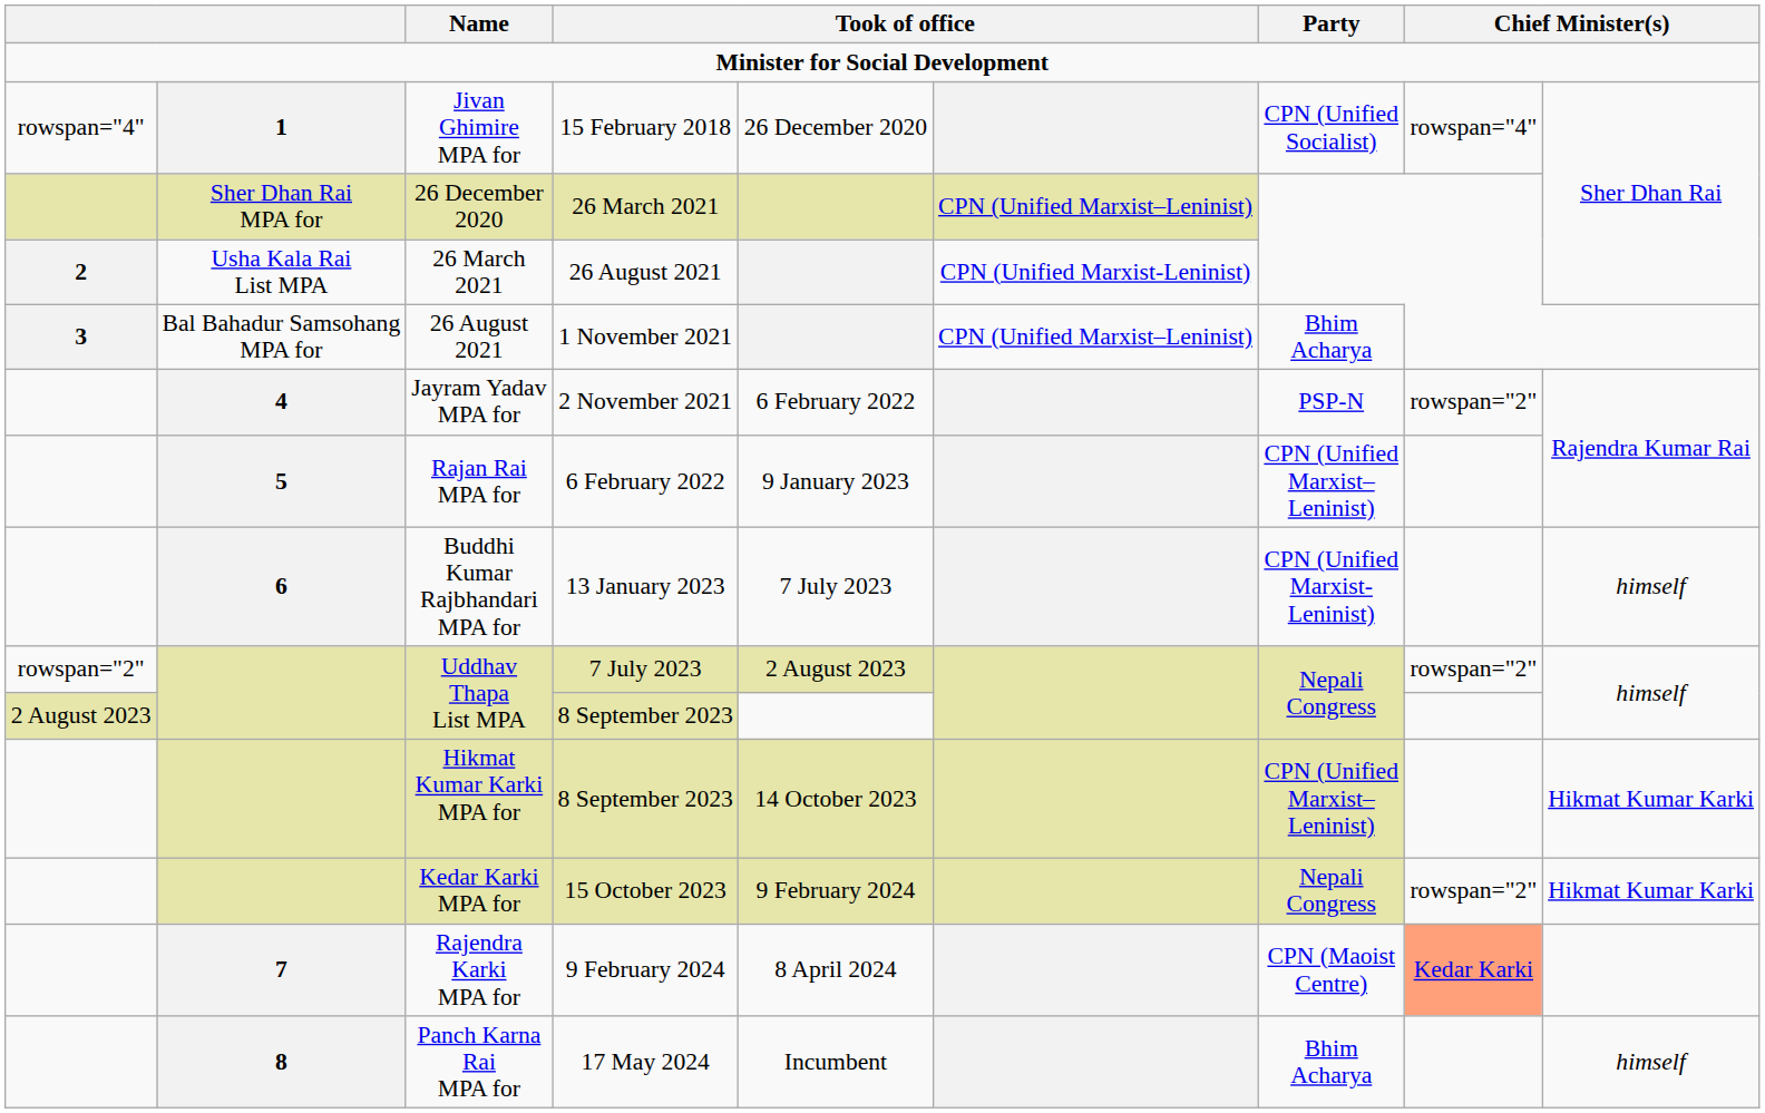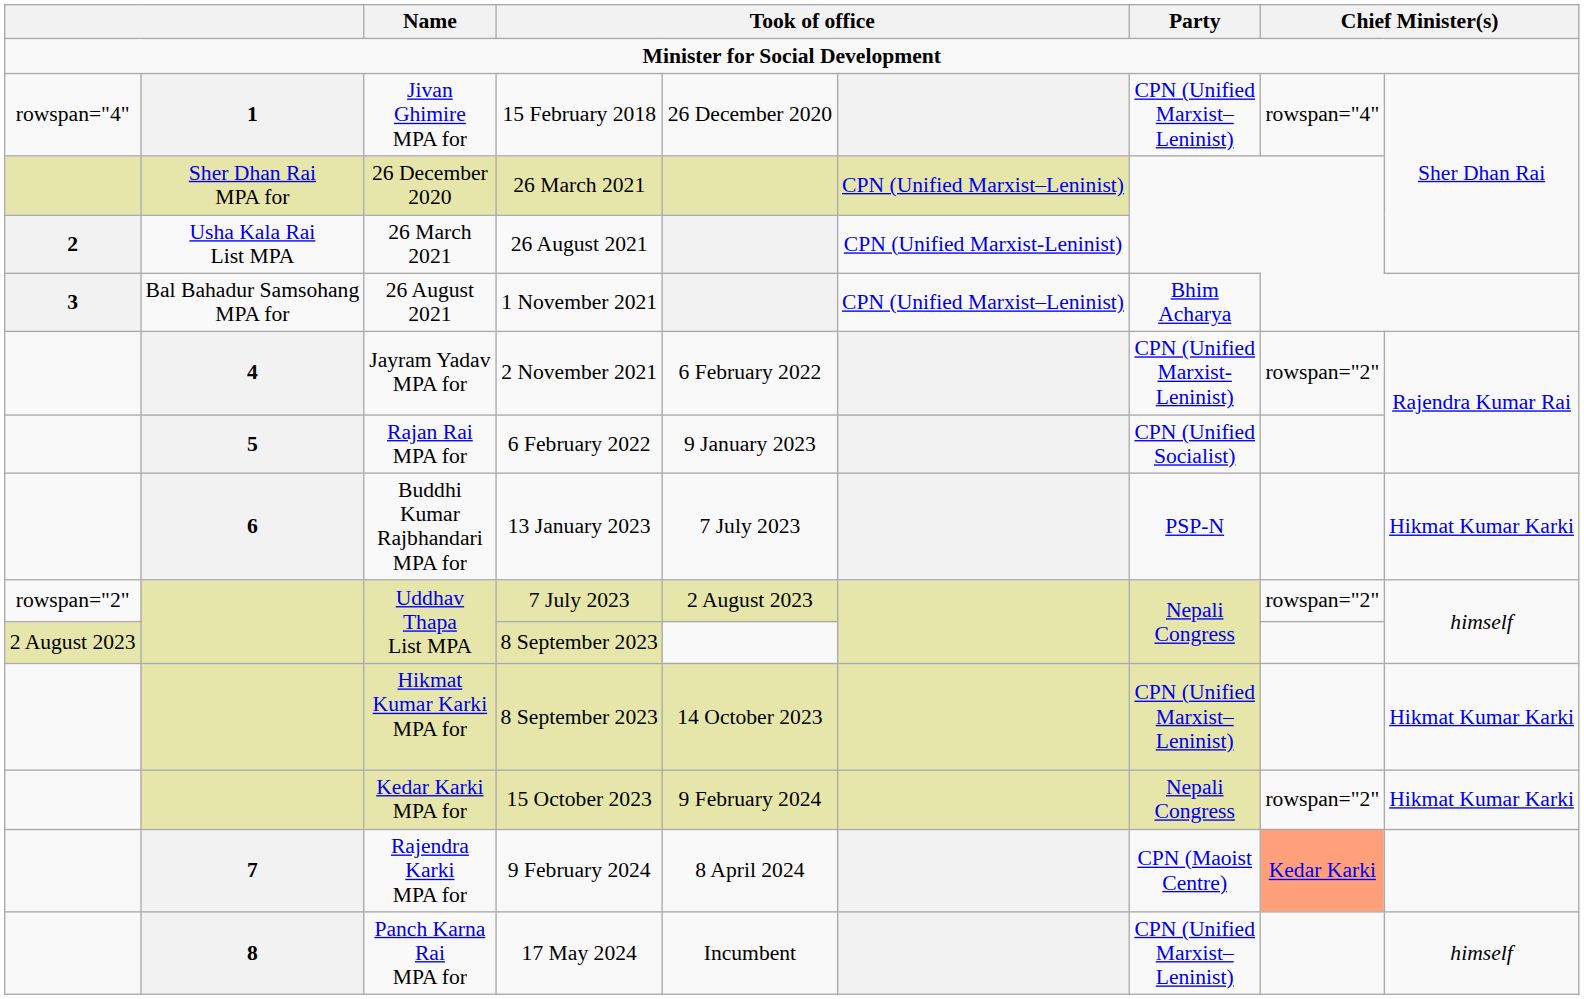 <table class="wikitable"  style="text-align:center">
 <tr>
 <th width=90px colspan="2"></th>
 <th width=90px>Name<br></th>
 <th width=90px colspan="3">Took of office</th>
 <th width=90px>Party</th>
 <th width=90px colspan="2">Chief Minister(s)</th>
 </tr>
 <tr>
 <td colspan="9"><strong>Minister for Social Development</strong></td>
 </tr>
 <tr>
 <td>rowspan="4" </td>
 <th>1</th>
 <td><a href='#'>Jivan Ghimire</a><br>MPA for <br></td>
 <td>15 February 2018</td>
 <td>26 December 2020</td>
 <th></th>
-<td><a href='#'>CPN (Unified Socialist)</a></td>
+<td><a href='#'>CPN (Unified Marxist–Leninist)</a></td>
 <td>rowspan="4" </td>
 <td rowspan="3"><a href='#'>Sher Dhan Rai</a></td>
 </tr>
 <tr>
 <th style="background:#E6E6AA;"></th>
 <td style="background:#E6E6AA;"><a href='#'>Sher Dhan Rai</a><br>MPA for <br></td>
 <td style="background:#E6E6AA;">26 December 2020</td>
 <td style="background:#E6E6AA;">26 March 2021</td>
 <th style="background:#E6E6AA;"></th>
 <td style="background:#E6E6AA;"><a href='#'>CPN (Unified Marxist–Leninist)</a></td>
 </tr>
 <tr>
 <th>2</th>
 <td><a href='#'>Usha Kala Rai</a><br>List MPA<br></td>
 <td>26 March 2021</td>
 <td>26 August 2021</td>
 <th></th>
 <td><a href='#'>CPN (Unified Marxist-Leninist)</a></td>
 </tr>
 <tr>
 <th>3</th>
 <td>Bal Bahadur Samsohang<br>MPA for <br></td>
 <td>26 August 2021</td>
 <td>1 November 2021</td>
 <th></th>
 <td><a href='#'>CPN (Unified Marxist–Leninist)</a></td>
 <td><a href='#'>Bhim Acharya</a></td>
 </tr>
 <tr>
 <td></td>
 <th>4</th>
 <td>Jayram Yadav<br>MPA for <br></td>
 <td>2 November 2021</td>
 <td>6 February 2022</td>
 <th></th>
-<td><a href='#'>PSP-N</a></td>
+<td><a href='#'>CPN (Unified Marxist-Leninist)</a></td>
 <td>rowspan="2" </td>
 <td rowspan="2"><a href='#'>Rajendra Kumar Rai</a></td>
 </tr>
 <tr>
 <td></td>
 <th>5</th>
 <td><a href='#'>Rajan Rai</a><br>MPA for <br></td>
 <td>6 February 2022</td>
 <td>9 January 2023</td>
 <th></th>
-<td><a href='#'>CPN (Unified Marxist–Leninist)</a></td>
+<td><a href='#'>CPN (Unified Socialist)</a></td>
 </tr>
 <tr>
 <td></td>
 <th>6</th>
 <td>Buddhi Kumar Rajbhandari<br>MPA for <br></td>
 <td>13 January 2023</td>
 <td>7 July 2023</td>
 <th></th>
-<td><a href='#'>CPN (Unified Marxist-Leninist)</a></td>
+<td><a href='#'>PSP-N</a></td>
 <td></td>
-<td><em>himself</em></td>
+<td><a href='#'>Hikmat Kumar Karki</a></td>
 </tr>
 <tr>
 <td>rowspan="2" </td>
 <th rowspan="2" style="background:#E6E6AA;"></th>
 <td rowspan="2" style="background:#E6E6AA;"><a href='#'>Uddhav Thapa</a><br>List MPA<br></td>
 <td style="background:#E6E6AA;">7 July 2023</td>
 <td style="background:#E6E6AA;">2 August 2023</td>
 <th rowspan="2" style="background:#E6E6AA;"></th>
 <td rowspan="2" style="background:#E6E6AA;"><a href='#'>Nepali Congress</a></td>
 <td>rowspan="2" </td>
 <td rowspan="2"><em>himself</em></td>
 </tr>
 <tr>
 <td style="background:#E6E6AA;">2 August 2023</td>
 <td style="background:#E6E6AA;">8 September 2023</td>
 </tr>
 <tr>
 <td></td>
 <th style="background:#E6E6AA;"></th>
 <td style="background:#E6E6AA;"><a href='#'>Hikmat Kumar Karki</a><br>MPA for<br><br></td>
 <td style="background:#E6E6AA;">8 September 2023</td>
 <td style="background:#E6E6AA;">14 October 2023</td>
 <th style="background:#E6E6AA;"></th>
 <td style="background:#E6E6AA;"><a href='#'>CPN (Unified Marxist–Leninist)</a></td>
 <td></td>
 <td><a href='#'>Hikmat Kumar Karki</a></td>
 </tr>
 <tr>
 <td></td>
 <th style="background:#E6E6AA;"></th>
 <td style="background:#E6E6AA;"><a href='#'>Kedar Karki</a><br>MPA for <br></td>
 <td style="background:#E6E6AA;">15 October 2023</td>
 <td style="background:#E6E6AA;">9 February 2024</td>
 <th style="background:#E6E6AA;"></th>
 <td style="background:#E6E6AA;"><a href='#'>Nepali Congress</a></td>
 <td>rowspan="2" </td>
 <td><a href='#'>Hikmat Kumar Karki</a></td>
 </tr>
 <tr>
 <td></td>
 <th>7</th>
 <td><a href='#'>Rajendra Karki</a><br>MPA for <br></td>
 <td>9 February 2024</td>
 <td>8 April 2024</td>
 <th></th>
 <td><a href='#'>CPN (Maoist Centre)</a></td>
 <td style="background: lightsalmon;"><a href='#'>Kedar Karki</a></td>
 </tr>
 <tr>
 <td></td>
 <th>8</th>
 <td><a href='#'>Panch Karna Rai</a><br>MPA  for <br></td>
 <td>17 May 2024</td>
 <td>Incumbent</td>
 <th></th>
-<td><a href='#'>Bhim Acharya</a></td>
+<td><a href='#'>CPN (Unified Marxist–Leninist)</a></td>
 <td></td>
 <td><em>himself</em></td>
 </tr>
 </table>
